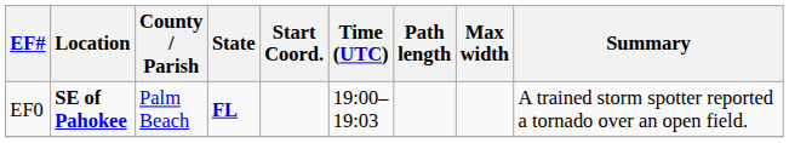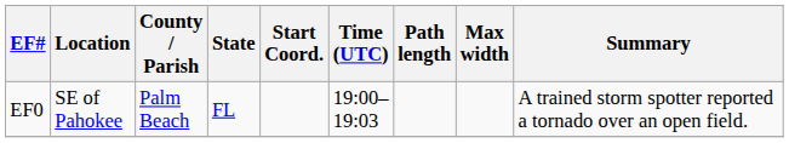 <table class="wikitable sortable" style="width:100%;">
 <tr>
 <th scope="col"  style="width:3%; text-align:center;"><a href='#'>EF#</a></th>
 <th scope="col"  style="width:7%; text-align:center;" class="unsortable">Location</th>
 <th scope="col"  style="width:6%; text-align:center;" class="unsortable">County / Parish</th>
 <th scope="col"  style="width:5%; text-align:center;">State</th>
 <th scope="col"  style="width:6%; text-align:center;">Start Coord.</th>
 <th scope="col"  style="width:6%; text-align:center;">Time (<a href='#'>UTC</a>)</th>
 <th scope="col"  style="width:6%; text-align:center;">Path length</th>
 <th scope="col"  style="width:6%; text-align:center;">Max width</th>
 <th scope="col" class="unsortable" style="width:48%; text-align:center;">Summary</th>
 </tr>
 <tr>
 <td bgcolor=>EF0</td>
-<td><strong>SE of <a href='#'>Pahokee</a></strong></td>
+<td>SE of <a href='#'>Pahokee</a></td>
 <td><a href='#'>Palm Beach</a></td>
-<td><strong><a href='#'>FL</a></strong></td>
+<td><a href='#'>FL</a></td>
 <td></td>
 <td>19:00–19:03</td>
 <td></td>
 <td></td>
 <td>A trained storm spotter reported a tornado over an open field.</td>
 </tr>
 <tr>
 </tr>
 </table>
